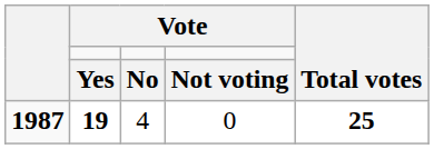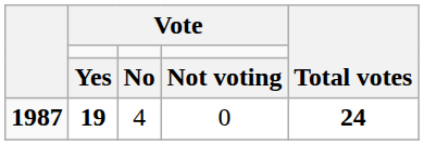 <table class=wikitable style="text-align:center">
 <tr style="vertical-align:bottom;">
 <th rowspan=3></th>
 <th colspan=3>Vote</th>
 <th rowspan=3>Total votes</th>
 </tr>
 <tr style="height:5px">
 <td style="background-color:"></td>
 <td style="background-color:"></td>
 <td style="background-color:"></td>
 </tr>
 <tr style="vertical-align:bottom;">
 <th>Yes</th>
 <th>No</th>
 <th>Not voting</th>
 </tr>
 <tr>
 <td><strong>1987</strong></td>
 <td style="background:#fff;"><strong>19</strong></td>
 <td style="background:#fff;">4</td>
 <td style="background:#fff;">0</td>
-<td style="background:#fff;"><strong>25</strong></td>
+<td style="background:#fff;"><strong>24</strong></td>
 </tr>
 </table>
